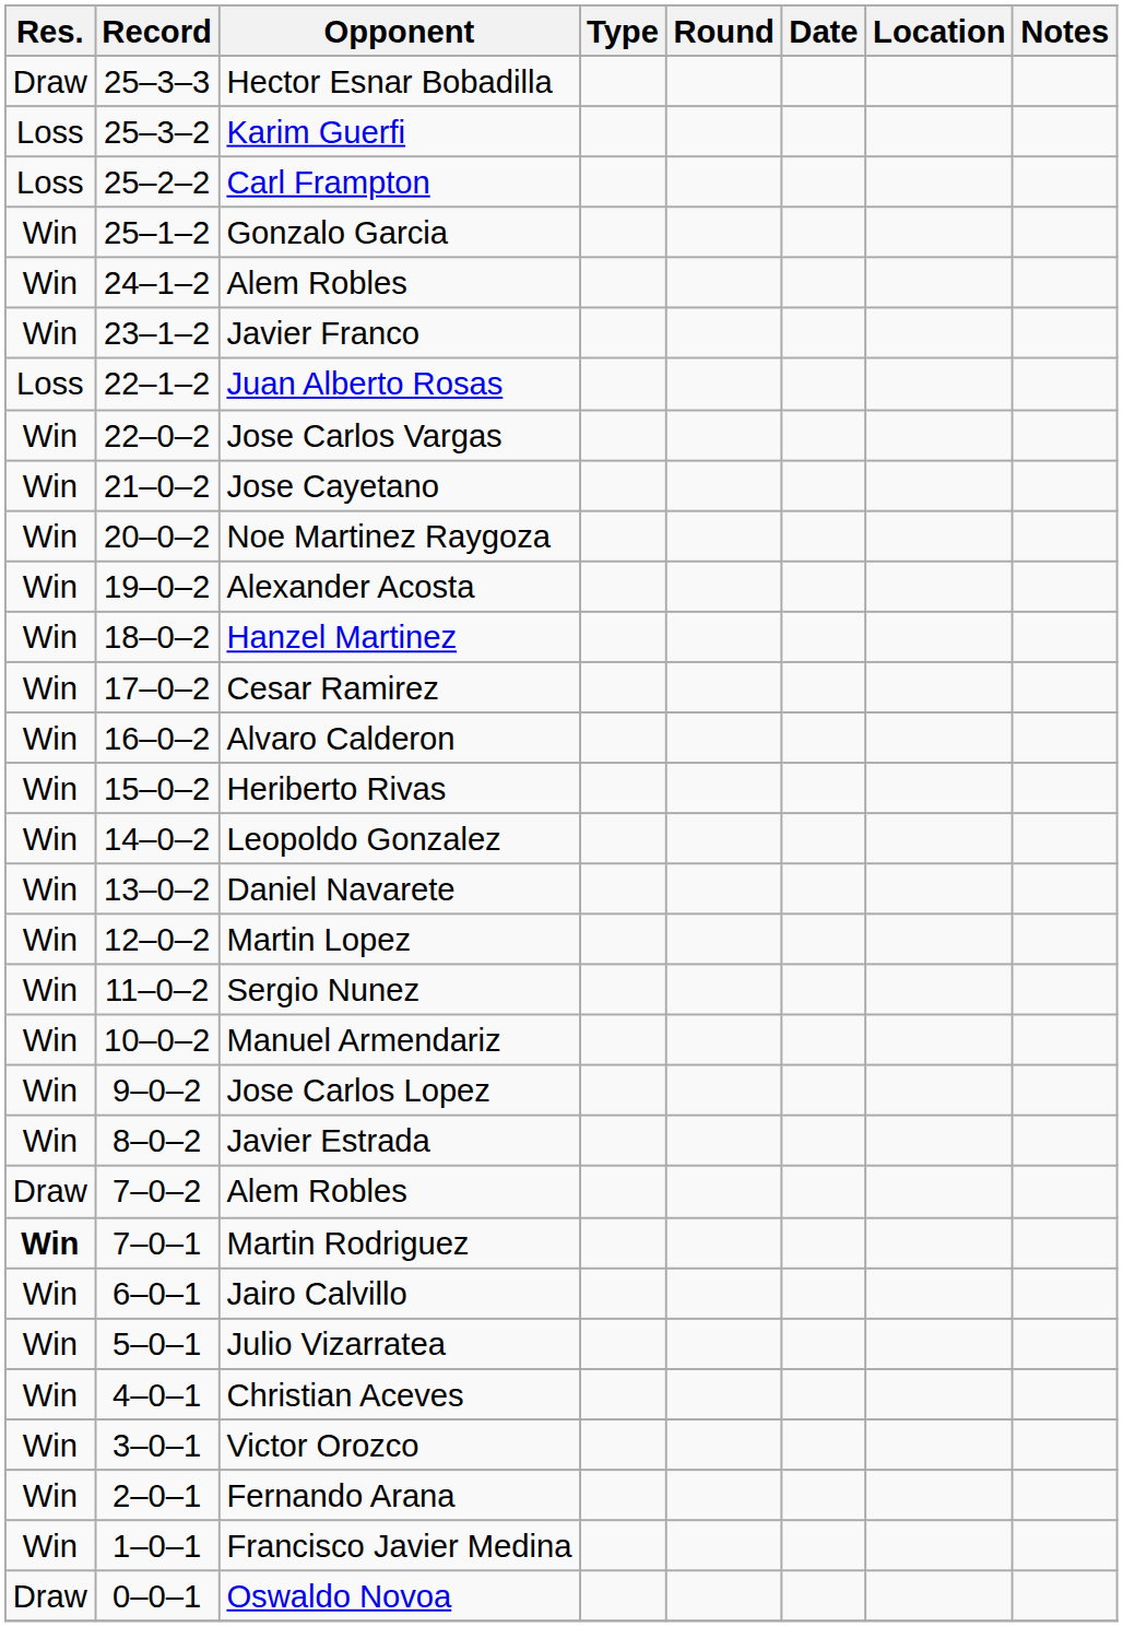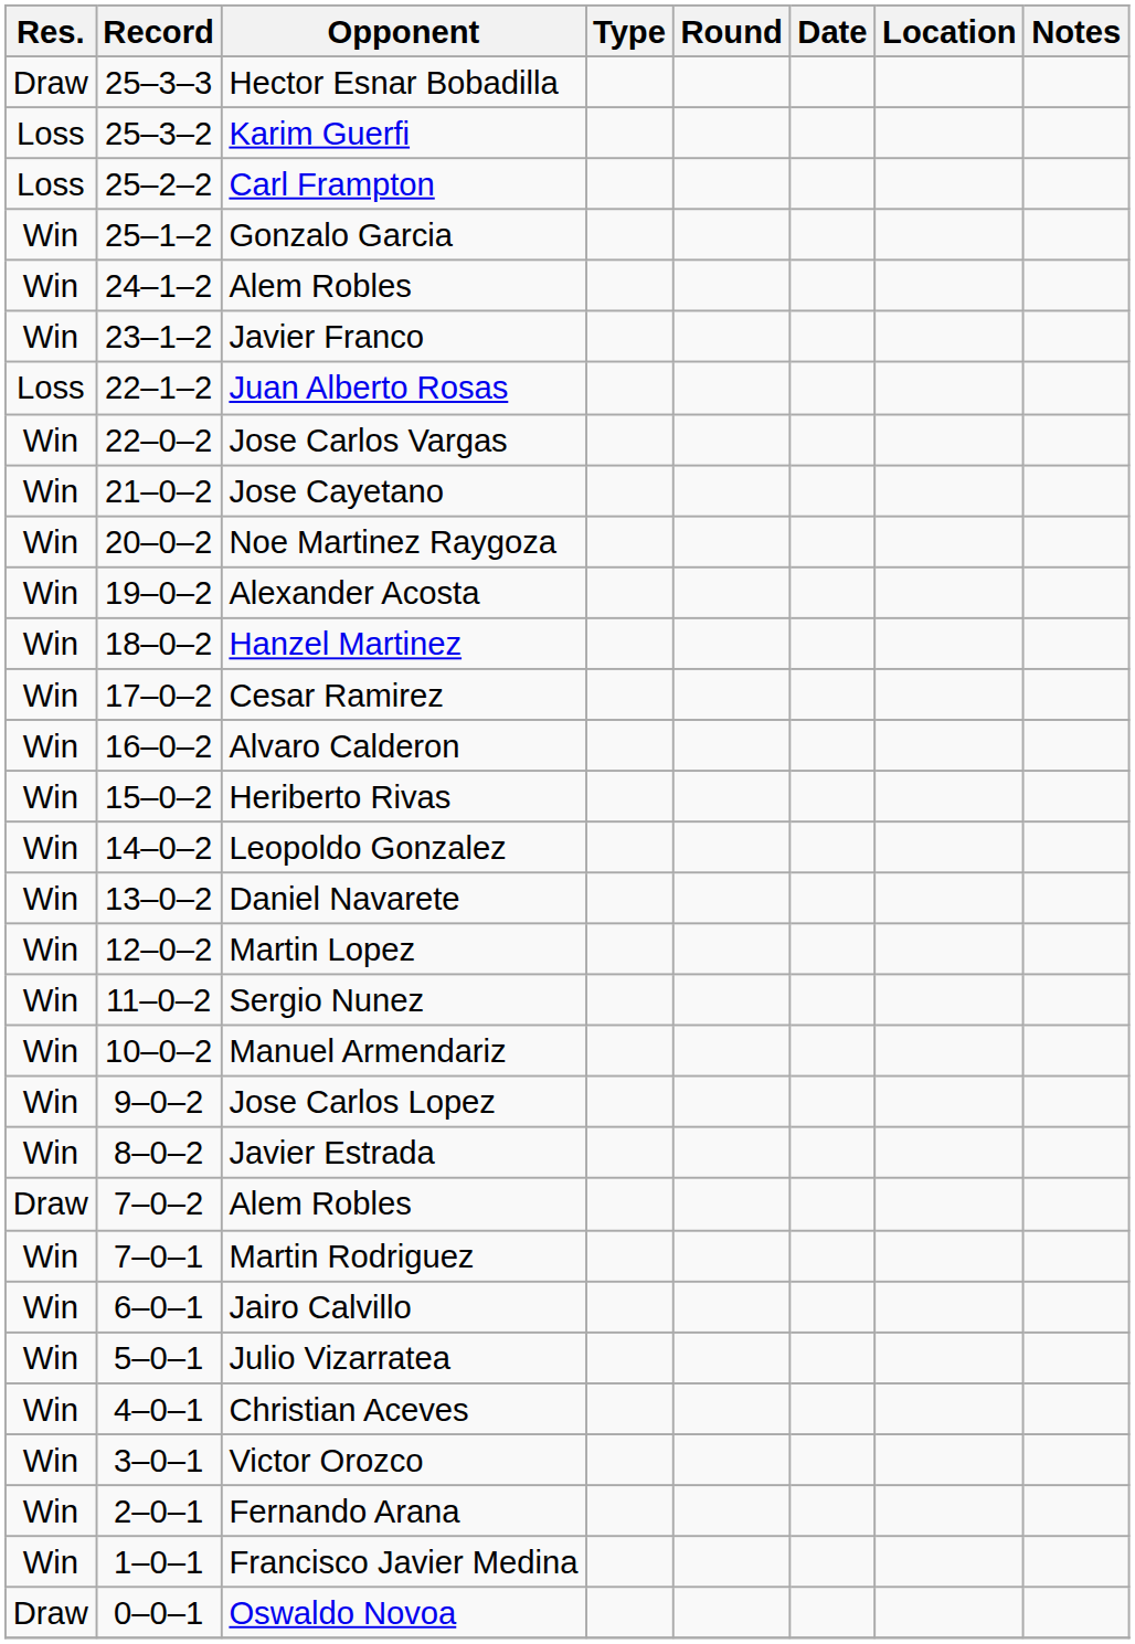 <table class="wikitable" style="text-align:center; font-size:95%">
 <tr>
 <th>Res.</th>
 <th>Record</th>
 <th>Opponent</th>
 <th>Type</th>
 <th>Round</th>
 <th>Date</th>
 <th>Location</th>
 <th>Notes</th>
 </tr>
 <tr>
 <td>Draw</td>
 <td>25–3–3</td>
 <td align=left> Hector Esnar Bobadilla</td>
 <td></td>
 <td></td>
 <td></td>
 <td align=left></td>
 <td align=left></td>
 </tr>
 <tr>
 <td>Loss</td>
 <td>25–3–2</td>
 <td align=left> <a href='#'>Karim Guerfi</a></td>
 <td></td>
 <td></td>
 <td></td>
 <td align=left></td>
 <td align=left></td>
 </tr>
 <tr>
 <td>Loss</td>
 <td>25–2–2</td>
 <td align=left> <a href='#'>Carl Frampton</a></td>
 <td></td>
 <td></td>
 <td></td>
 <td align=left></td>
 <td align=left></td>
 </tr>
 <tr>
 <td>Win</td>
 <td>25–1–2</td>
 <td align=left> Gonzalo Garcia</td>
 <td></td>
 <td></td>
 <td></td>
 <td align=left></td>
 <td align=left></td>
 </tr>
 <tr>
 <td>Win</td>
 <td>24–1–2</td>
 <td align=left> Alem Robles</td>
 <td></td>
 <td></td>
 <td></td>
 <td align=left></td>
 <td align=left></td>
 </tr>
 <tr>
 <td>Win</td>
 <td>23–1–2</td>
 <td align=left> Javier Franco</td>
 <td></td>
 <td></td>
 <td></td>
 <td align=left></td>
 <td align=left></td>
 </tr>
 <tr>
 <td>Loss</td>
 <td>22–1–2</td>
 <td align=left> <a href='#'>Juan Alberto Rosas</a></td>
 <td></td>
 <td></td>
 <td></td>
 <td align=left></td>
 <td align=left></td>
 </tr>
 <tr>
 <td>Win</td>
 <td>22–0–2</td>
 <td align=left> Jose Carlos Vargas</td>
 <td></td>
 <td></td>
 <td></td>
 <td align=left></td>
 <td align=left></td>
 </tr>
 <tr>
 <td>Win</td>
 <td>21–0–2</td>
 <td align=left> Jose Cayetano</td>
 <td></td>
 <td></td>
 <td></td>
 <td align=left></td>
 <td align=left></td>
 </tr>
 <tr>
 <td>Win</td>
 <td>20–0–2</td>
 <td align=left> Noe Martinez Raygoza</td>
 <td></td>
 <td></td>
 <td></td>
 <td align=left></td>
 <td align=left></td>
 </tr>
 <tr>
 <td>Win</td>
 <td>19–0–2</td>
 <td align=left> Alexander Acosta</td>
 <td></td>
 <td></td>
 <td></td>
 <td align=left></td>
 <td align=left></td>
 </tr>
 <tr>
 <td>Win</td>
 <td>18–0–2</td>
 <td align=left> <a href='#'>Hanzel Martinez</a></td>
 <td></td>
 <td></td>
 <td></td>
 <td align=left></td>
 <td align=left></td>
 </tr>
 <tr>
 <td>Win</td>
 <td>17–0–2</td>
 <td align=left> Cesar Ramirez</td>
 <td></td>
 <td></td>
 <td></td>
 <td align=left></td>
 <td align=left></td>
 </tr>
 <tr>
 <td>Win</td>
 <td>16–0–2</td>
 <td align=left> Alvaro Calderon</td>
 <td></td>
 <td></td>
 <td></td>
 <td align=left></td>
 <td align=left></td>
 </tr>
 <tr>
 <td>Win</td>
 <td>15–0–2</td>
 <td align=left> Heriberto Rivas</td>
 <td></td>
 <td></td>
 <td></td>
 <td align=left></td>
 <td align=left></td>
 </tr>
 <tr>
 <td>Win</td>
 <td>14–0–2</td>
 <td align=left> Leopoldo Gonzalez</td>
 <td></td>
 <td></td>
 <td></td>
 <td align=left></td>
 <td align=left></td>
 </tr>
 <tr>
 <td>Win</td>
 <td>13–0–2</td>
 <td align=left> Daniel Navarete</td>
 <td></td>
 <td></td>
 <td></td>
 <td align=left></td>
 <td align=left></td>
 </tr>
 <tr>
 <td>Win</td>
 <td>12–0–2</td>
 <td align=left> Martin Lopez</td>
 <td></td>
 <td></td>
 <td></td>
 <td align=left></td>
 <td align=left></td>
 </tr>
 <tr>
 <td>Win</td>
 <td>11–0–2</td>
 <td align=left> Sergio Nunez</td>
 <td></td>
 <td></td>
 <td></td>
 <td align=left></td>
 <td align=left></td>
 </tr>
 <tr>
 <td>Win</td>
 <td>10–0–2</td>
 <td align=left> Manuel Armendariz</td>
 <td></td>
 <td></td>
 <td></td>
 <td align=left></td>
 <td align=left></td>
 </tr>
 <tr>
 <td>Win</td>
 <td>9–0–2</td>
 <td align=left> Jose Carlos Lopez</td>
 <td></td>
 <td></td>
 <td></td>
 <td align=left></td>
 <td align=left></td>
 </tr>
 <tr>
 <td>Win</td>
 <td>8–0–2</td>
 <td align=left> Javier Estrada</td>
 <td></td>
 <td></td>
 <td></td>
 <td align=left></td>
 <td align=left></td>
 </tr>
 <tr>
 <td>Draw</td>
 <td>7–0–2</td>
 <td align=left> Alem Robles</td>
 <td></td>
 <td></td>
 <td></td>
 <td align=left></td>
 <td align=left></td>
 </tr>
 <tr>
-<td><strong>Win</strong></td>
+<td>Win</td>
 <td>7–0–1</td>
 <td align=left> Martin Rodriguez</td>
 <td></td>
 <td></td>
 <td></td>
 <td align=left></td>
 <td align=left></td>
 </tr>
 <tr>
 <td>Win</td>
 <td>6–0–1</td>
 <td align=left> Jairo Calvillo</td>
 <td></td>
 <td></td>
 <td></td>
 <td align=left></td>
 <td align=left></td>
 </tr>
 <tr>
 <td>Win</td>
 <td>5–0–1</td>
 <td align=left> Julio Vizarratea</td>
 <td></td>
 <td></td>
 <td></td>
 <td align=left></td>
 <td align=left></td>
 </tr>
 <tr>
 <td>Win</td>
 <td>4–0–1</td>
 <td align=left> Christian Aceves</td>
 <td></td>
 <td></td>
 <td></td>
 <td align=left></td>
 <td align=left></td>
 </tr>
 <tr>
 <td>Win</td>
 <td>3–0–1</td>
 <td align=left> Victor Orozco</td>
 <td></td>
 <td></td>
 <td></td>
 <td align=left></td>
 <td align=left></td>
 </tr>
 <tr>
 <td>Win</td>
 <td>2–0–1</td>
 <td align=left> Fernando Arana</td>
 <td></td>
 <td></td>
 <td></td>
 <td align=left></td>
 <td align=left></td>
 </tr>
 <tr>
 <td>Win</td>
 <td>1–0–1</td>
 <td align=left> Francisco Javier Medina</td>
 <td></td>
 <td></td>
 <td></td>
 <td align=left></td>
 <td align=left></td>
 </tr>
 <tr>
 <td>Draw</td>
 <td>0–0–1</td>
 <td align=left> <a href='#'>Oswaldo Novoa</a></td>
 <td></td>
 <td></td>
 <td></td>
 <td align=left></td>
 <td align=left></td>
 </tr>
 <tr>
 </tr>
 </table>
